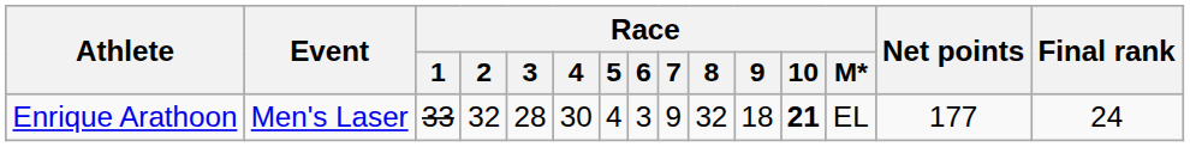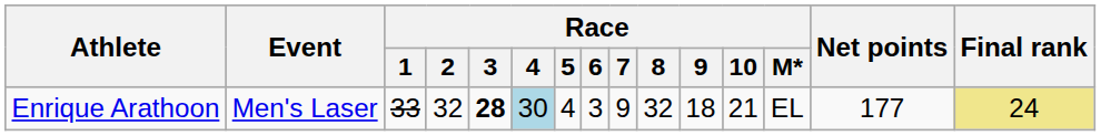 <table class="wikitable" style="font-size:90%">
 <tr>
 <th rowspan="2">Athlete</th>
 <th rowspan="2">Event</th>
 <th colspan=11>Race</th>
 <th rowspan=2>Net points</th>
 <th rowspan=2>Final rank</th>
 </tr>
 <tr style="font-size:95%">
 <th>1</th>
 <th>2</th>
 <th>3</th>
 <th>4</th>
 <th>5</th>
 <th>6</th>
 <th>7</th>
 <th>8</th>
 <th>9</th>
 <th>10</th>
 <th>M*</th>
 </tr>
 <tr align=center>
 <td align=left><a href='#'>Enrique Arathoon</a></td>
 <td align=left><a href='#'>Men's Laser</a></td>
 <td><s>33</s></td>
 <td>32</td>
-<td>28</td>
-<td>30</td>
+<td><strong>28</strong></td>
+<td style="background: lightblue;">30</td>
 <td>4</td>
 <td>3</td>
 <td>9</td>
 <td>32</td>
 <td>18</td>
-<td><strong>21</strong></td>
+<td>21</td>
 <td>EL</td>
 <td>177</td>
-<td>24</td>
+<td style="background: khaki;">24</td>
 </tr>
 </table>
